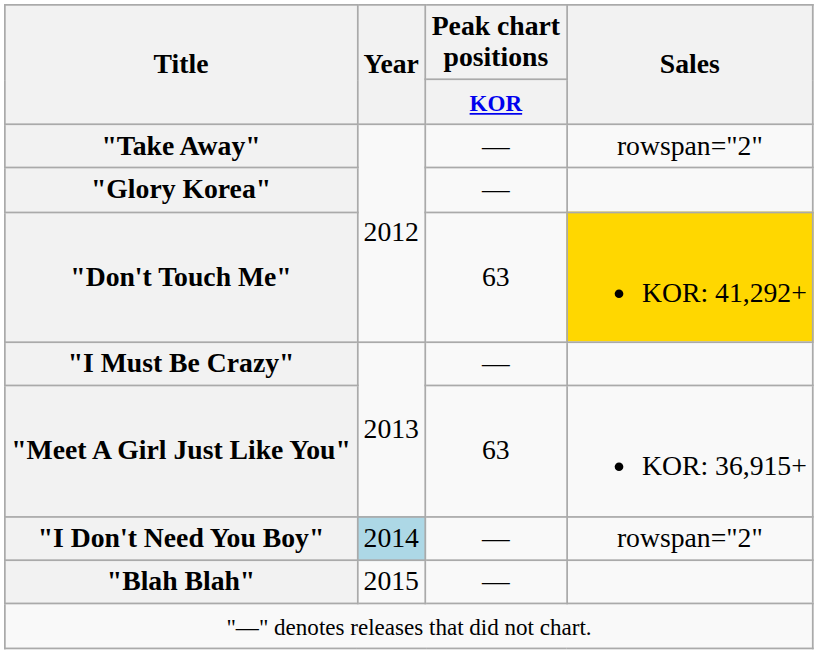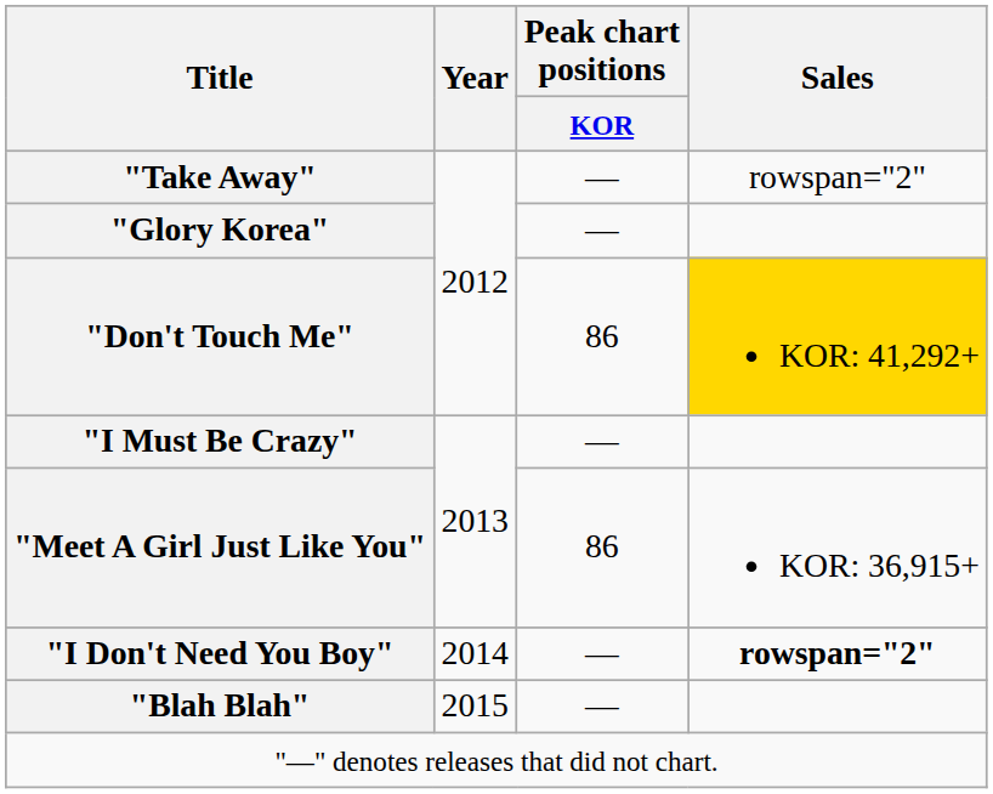 <table class="wikitable plainrowheaders" style="text-align:center;">
 <tr>
 <th scope="col" rowspan="2">Title</th>
 <th scope="col" rowspan="2">Year</th>
 <th scope="col" colspan="1">Peak chart <br> positions</th>
 <th scope="col" rowspan="2">Sales</th>
 </tr>
 <tr>
 <th><small><a href='#'>KOR</a></small><br></th>
 </tr>
 <tr>
 <th scope="row">"Take Away" </th>
 <td rowspan="3">2012</td>
 <td>—</td>
 <td>rowspan="2" </td>
 </tr>
 <tr>
 <th scope="row">"Glory Korea"</th>
 <td>—</td>
 </tr>
 <tr>
 <th scope="row">"Don't Touch Me" </th>
-<td>63</td>
+<td>86</td>
 <td style="background: gold;"><br><ul><li>KOR: 41,292+</li></ul></td>
 </tr>
 <tr>
 <th scope="row">"I Must Be Crazy" </th>
 <td rowspan="2">2013</td>
 <td>—</td>
 <td></td>
 </tr>
 <tr>
 <th scope="row">"Meet A Girl Just Like You" </th>
-<td>63</td>
+<td>86</td>
 <td><br><ul><li>KOR: 36,915+</li></ul></td>
 </tr>
 <tr>
 <th scope="row">"I Don't Need You Boy" </th>
-<td style="background: lightblue;">2014</td>
+<td>2014</td>
 <td>—</td>
-<td>rowspan="2" </td>
+<td><strong>rowspan="2" </strong></td>
 </tr>
 <tr>
 <th scope="row">"Blah Blah"</th>
 <td>2015</td>
 <td>—</td>
 </tr>
 <tr>
 <td colspan="5" align="center"><small>"—" denotes releases that did not chart.</small></td>
 </tr>
 </table>
